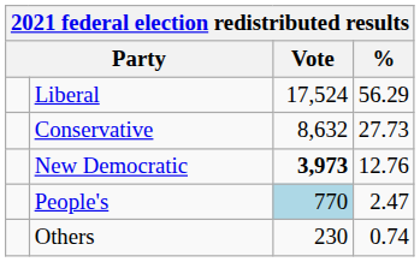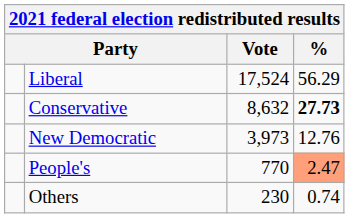 <table class="wikitable">
 <tr>
 <th colspan="4"><a href='#'>2021 federal election</a> redistributed results</th>
 </tr>
 <tr>
 <th bgcolor="#DDDDFF" width="130px" colspan="2">Party</th>
 <th bgcolor="#DDDDFF" width="50px">Vote</th>
 <th bgcolor="#DDDDFF" width="30px">%</th>
 </tr>
 <tr>
 <td> </td>
 <td><a href='#'>Liberal</a></td>
 <td align=right>17,524</td>
 <td align=right>56.29</td>
 </tr>
 <tr>
 <td> </td>
 <td><a href='#'>Conservative</a></td>
 <td align=right>8,632</td>
-<td align=right>27.73</td>
+<td align=right><strong>27.73</strong></td>
 </tr>
 <tr>
 <td> </td>
 <td><a href='#'>New Democratic</a></td>
-<td align=right><strong>3,973</strong></td>
+<td align=right>3,973</td>
 <td align=right>12.76</td>
 </tr>
 <tr>
 <td> </td>
 <td><a href='#'>People's</a></td>
-<td align=right style="background: lightblue;">770</td>
-<td align=right>2.47</td>
+<td align=right>770</td>
+<td align=right style="background: lightsalmon;">2.47</td>
 </tr>
 <tr>
 <td> </td>
 <td>Others</td>
 <td align=right>230</td>
 <td align=right>0.74</td>
 </tr>
 </table>
